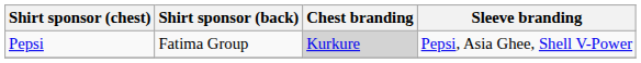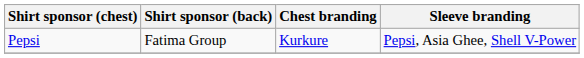 <table class="wikitable"  style="font-size:85%;">
 <tr>
 <th>Shirt sponsor (chest)</th>
 <th>Shirt sponsor (back)</th>
 <th>Chest branding</th>
 <th>Sleeve branding</th>
 </tr>
 <tr>
 <td><a href='#'>Pepsi</a></td>
 <td>Fatima Group</td>
-<td style="background: lightgrey;"><a href='#'>Kurkure</a></td>
+<td><a href='#'>Kurkure</a></td>
 <td><a href='#'>Pepsi</a>, Asia Ghee, <a href='#'>Shell V-Power</a></td>
 </tr>
 <tr>
 </tr>
 </table>
